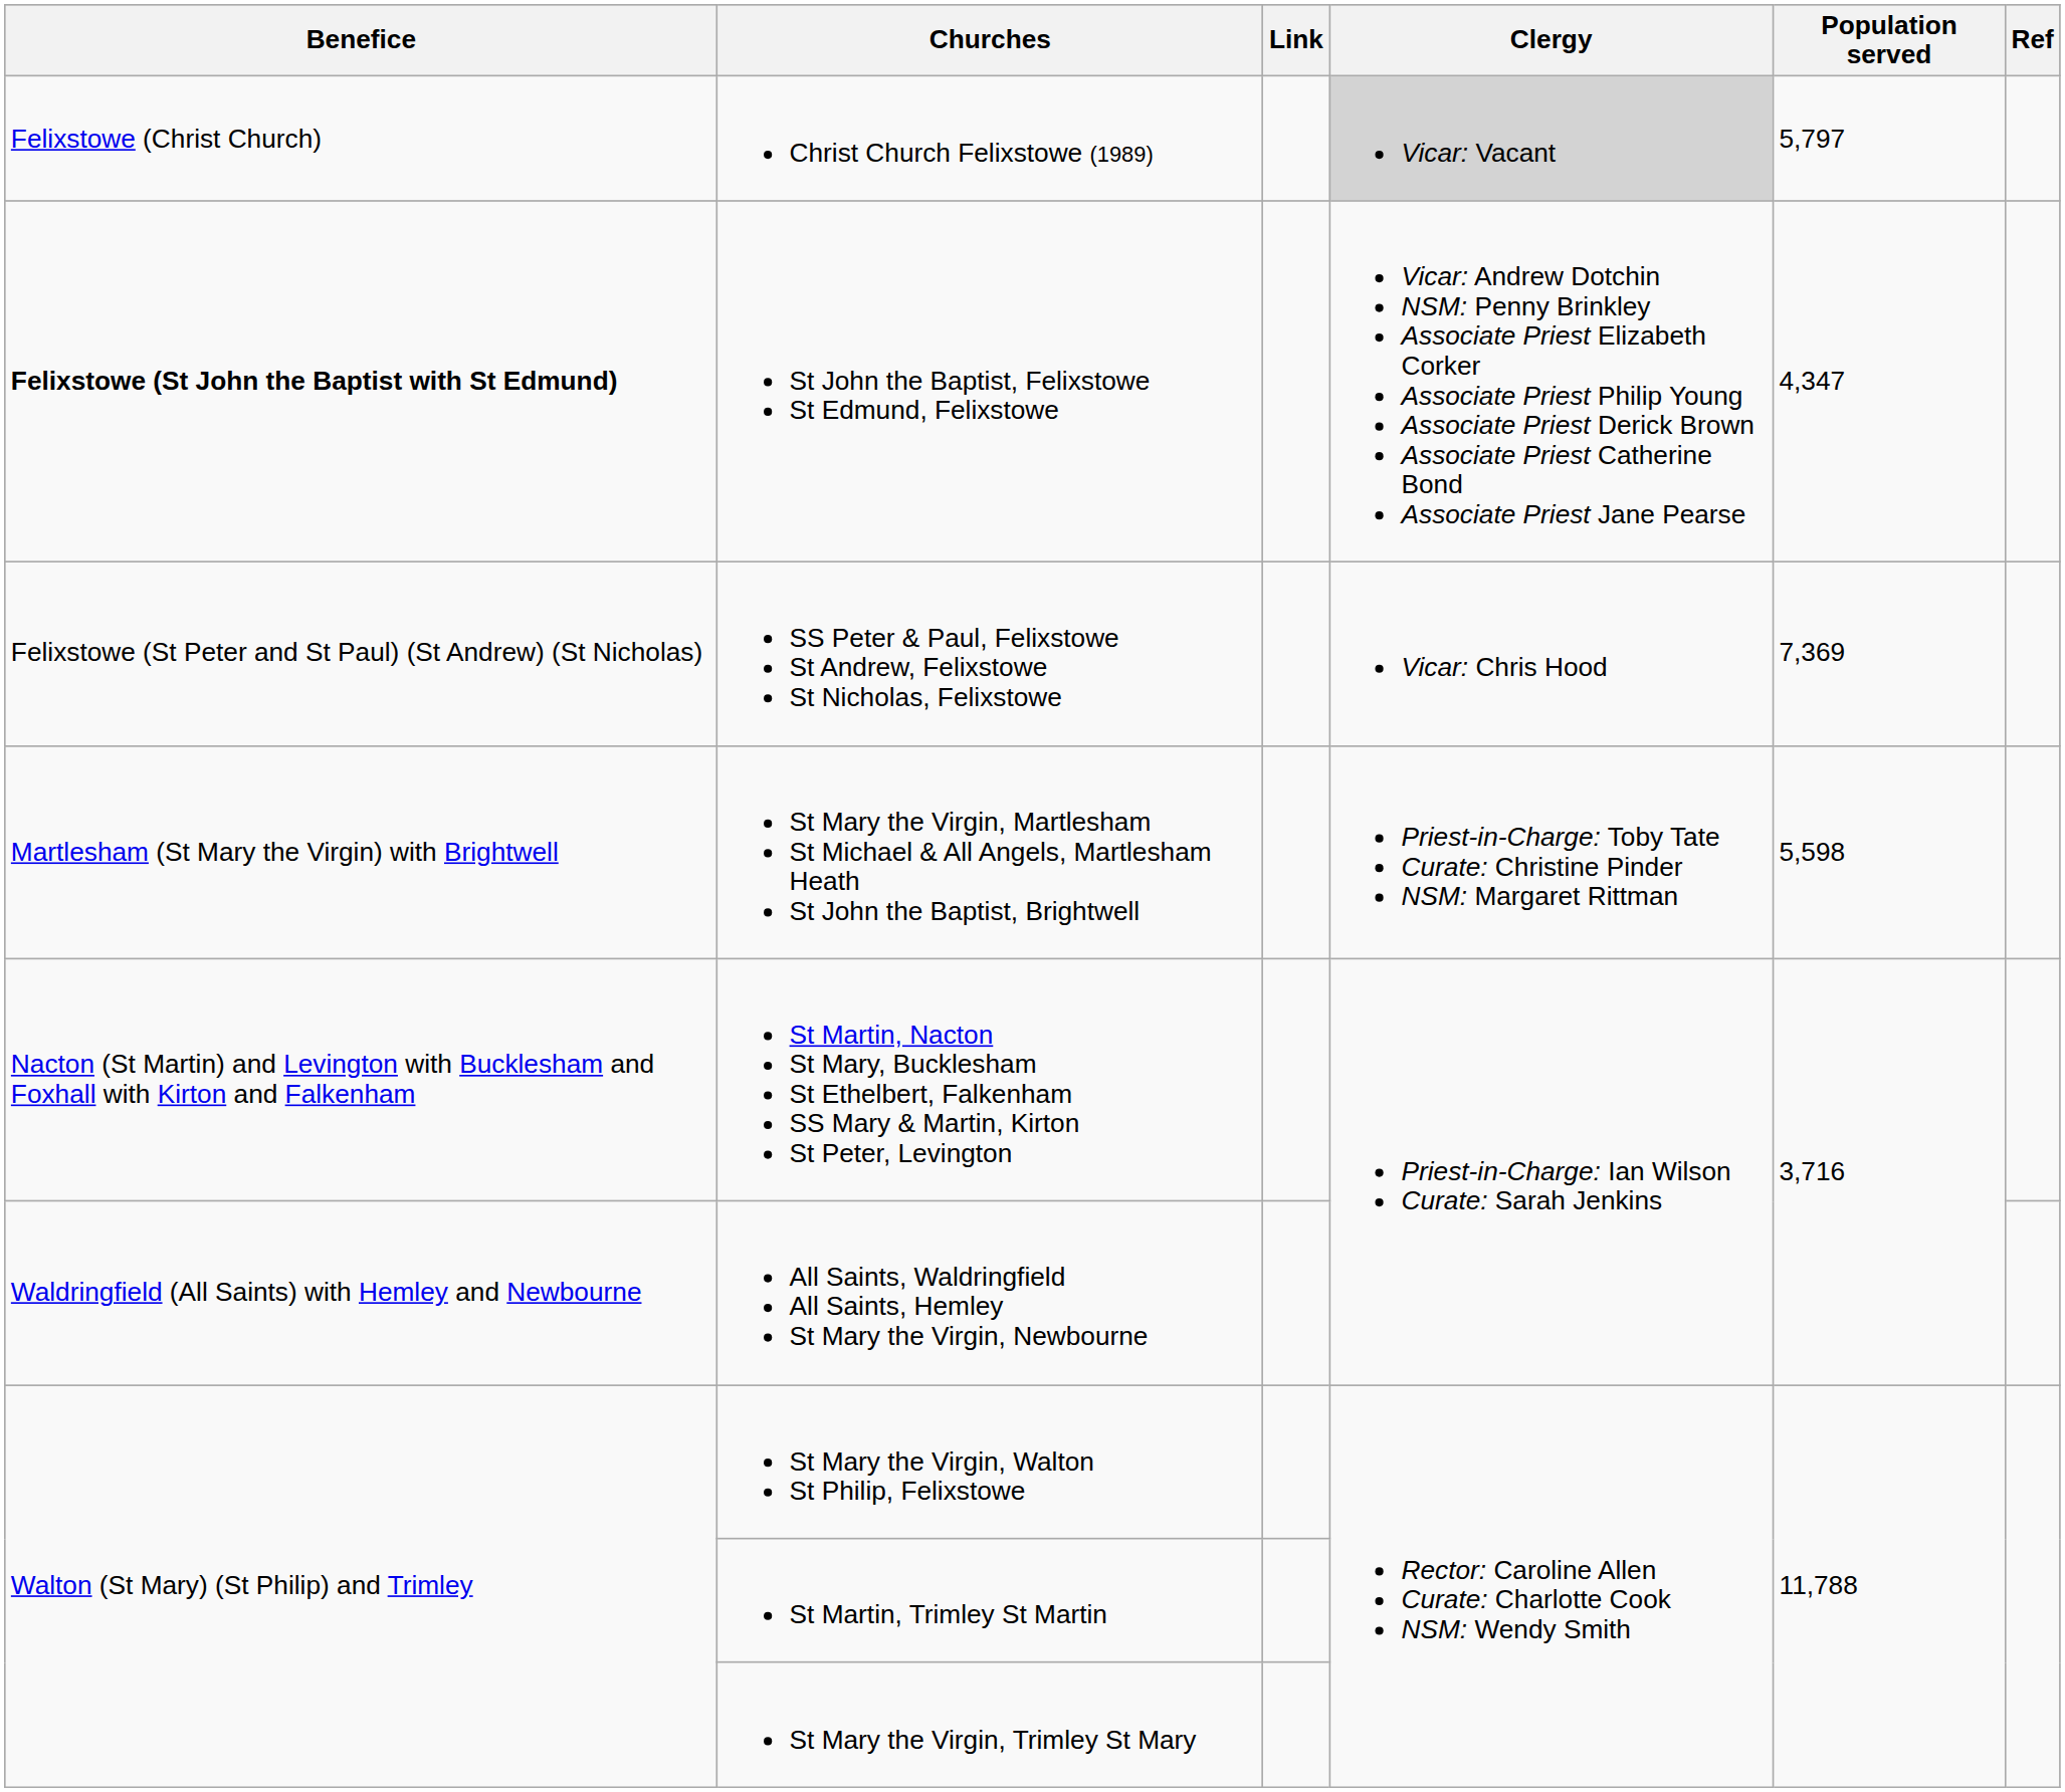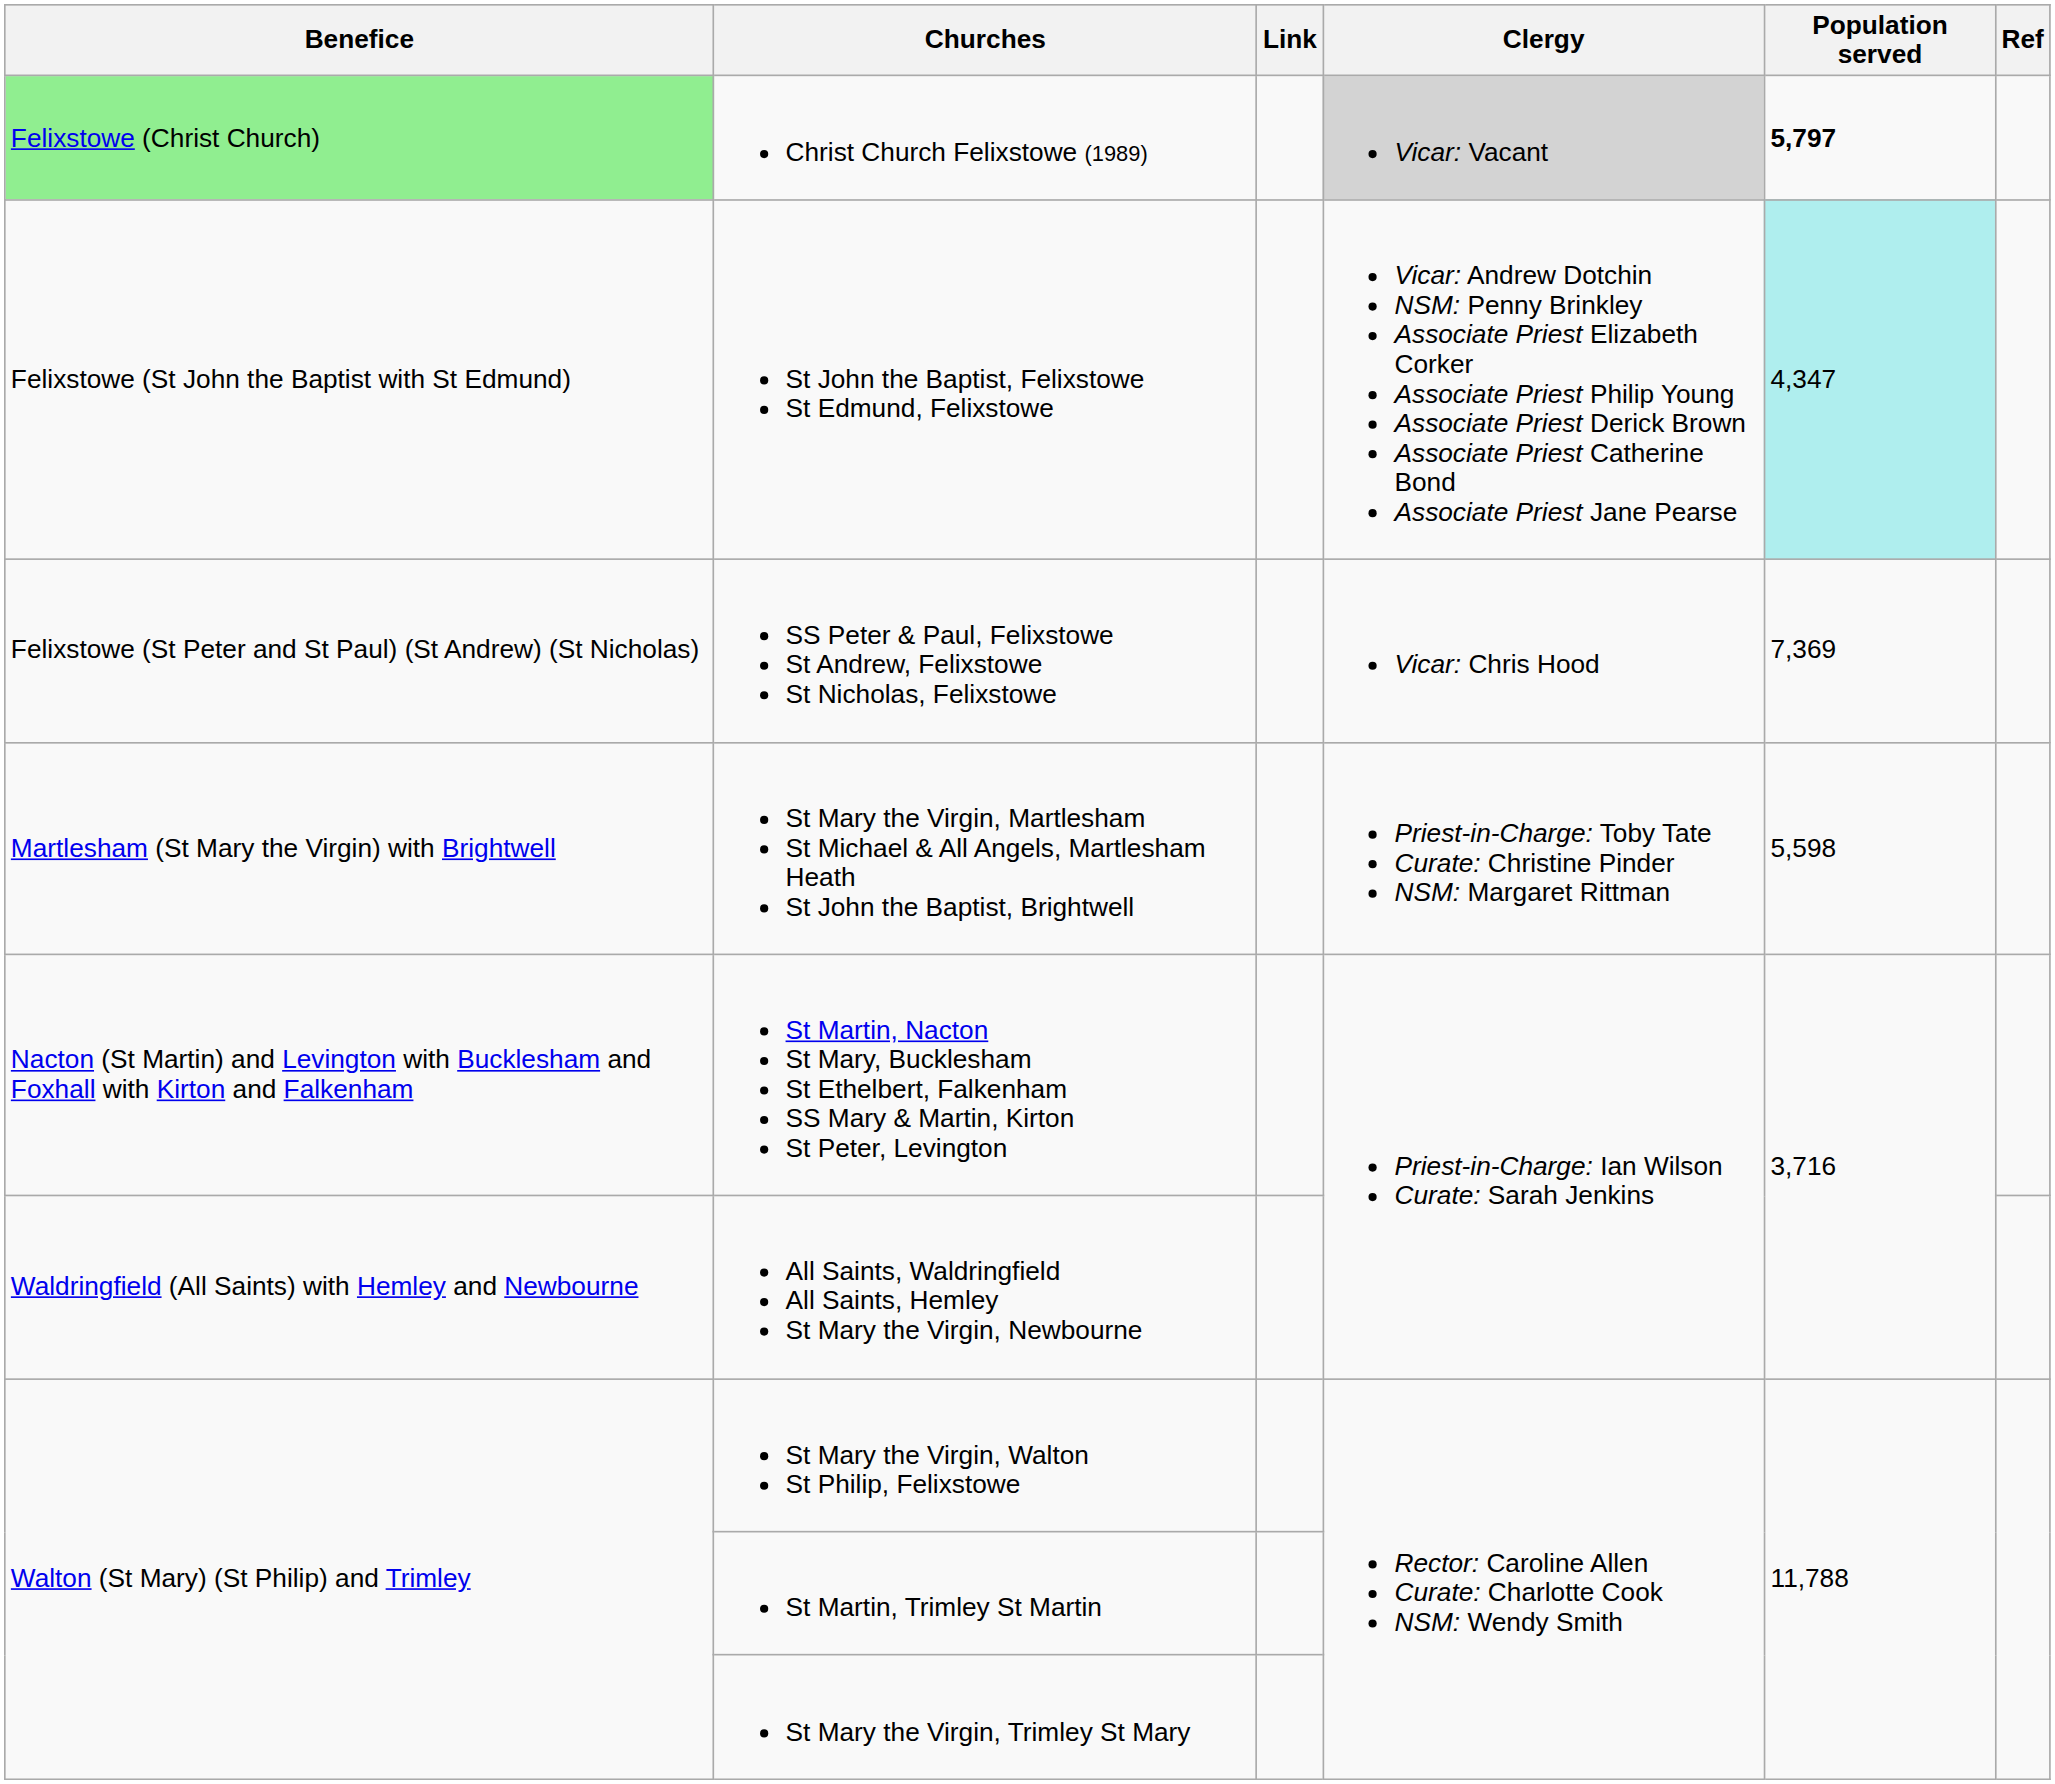 <table class="wikitable">
 <tr>
 <th width="425">Benefice</th>
 <th>Churches</th>
 <th>Link</th>
 <th>Clergy</th>
 <th>Population served</th>
 <th>Ref</th>
 </tr>
 <tr>
-<td><a href='#'>Felixstowe</a> (Christ Church)</td>
+<td style="background: lightgreen;"><a href='#'>Felixstowe</a> (Christ Church)</td>
 <td><br><ul><li>Christ Church Felixstowe <small>(1989)</small></li></ul></td>
 <td></td>
 <td style="background: lightgrey;"><br><ul><li><em>Vicar:</em> Vacant</li></ul></td>
-<td>5,797</td>
+<td><strong>5,797</strong></td>
 <td></td>
 </tr>
 <tr>
-<td><strong>Felixstowe (St John the Baptist with St Edmund)</strong></td>
+<td>Felixstowe (St John the Baptist with St Edmund)</td>
 <td><br><ul><li>St John the Baptist, Felixstowe</li><li>St Edmund, Felixstowe</li></ul></td>
 <td> </td>
 <td><br><ul><li><em>Vicar:</em> Andrew Dotchin</li><li><em>NSM:</em> Penny Brinkley</li><li><em>Associate Priest</em> Elizabeth Corker</li><li><em>Associate Priest</em> Philip Young</li><li><em>Associate Priest</em> Derick Brown</li><li><em>Associate Priest</em> Catherine Bond</li><li><em>Associate Priest</em> Jane Pearse</li></ul></td>
-<td>4,347</td>
+<td style="background: paleturquoise;">4,347</td>
 <td></td>
 </tr>
 <tr>
 <td>Felixstowe (St Peter and St Paul) (St Andrew) (St Nicholas)</td>
 <td><br><ul><li>SS Peter & Paul, Felixstowe</li><li>St Andrew, Felixstowe</li><li>St Nicholas, Felixstowe</li></ul></td>
 <td> </td>
 <td><br><ul><li><em>Vicar:</em> Chris Hood</li></ul></td>
 <td>7,369</td>
 <td></td>
 </tr>
 <tr>
 <td><a href='#'>Martlesham</a> (St Mary the Virgin) with <a href='#'>Brightwell</a></td>
 <td><br><ul><li>St Mary the Virgin, Martlesham</li><li>St Michael & All Angels, Martlesham Heath</li><li>St John the Baptist, Brightwell</li></ul></td>
 <td></td>
 <td><br><ul><li><em>Priest-in-Charge:</em> Toby Tate</li><li><em>Curate:</em> Christine Pinder</li><li><em>NSM:</em> Margaret Rittman</li></ul></td>
 <td>5,598</td>
 <td></td>
 </tr>
 <tr>
 <td><a href='#'>Nacton</a> (St Martin) and <a href='#'>Levington</a> with <a href='#'>Bucklesham</a> and <a href='#'>Foxhall</a> with <a href='#'>Kirton</a> and <a href='#'>Falkenham</a></td>
 <td><br><ul><li><a href='#'>St Martin, Nacton</a></li><li>St Mary, Bucklesham</li><li>St Ethelbert, Falkenham</li><li>SS Mary & Martin, Kirton</li><li>St Peter, Levington</li></ul></td>
 <td></td>
 <td rowspan="2"><br><ul><li><em>Priest-in-Charge:</em> Ian Wilson</li><li><em>Curate:</em> Sarah Jenkins</li></ul></td>
 <td rowspan="2">3,716</td>
 <td></td>
 </tr>
 <tr>
 <td><a href='#'>Waldringfield</a> (All Saints) with <a href='#'>Hemley</a> and <a href='#'>Newbourne</a></td>
 <td><br><ul><li>All Saints, Waldringfield</li><li>All Saints, Hemley</li><li>St Mary the Virgin, Newbourne</li></ul></td>
 <td></td>
 <td></td>
 </tr>
 <tr>
 <td rowspan="3"><a href='#'>Walton</a> (St Mary) (St Philip) and <a href='#'>Trimley</a></td>
 <td><br><ul><li>St Mary the Virgin, Walton</li><li>St Philip, Felixstowe</li></ul></td>
 <td></td>
 <td rowspan="3"><br><ul><li><em>Rector:</em> Caroline Allen</li><li><em>Curate:</em> Charlotte Cook</li><li><em>NSM:</em> Wendy Smith</li></ul></td>
 <td rowspan="3">11,788</td>
 <td rowspan="3"></td>
 </tr>
 <tr>
 <td><br><ul><li>St Martin, Trimley St Martin</li></ul></td>
 <td> </td>
 </tr>
 <tr>
 <td><br><ul><li>St Mary the Virgin, Trimley St Mary</li></ul></td>
 <td></td>
 </tr>
 </table>
